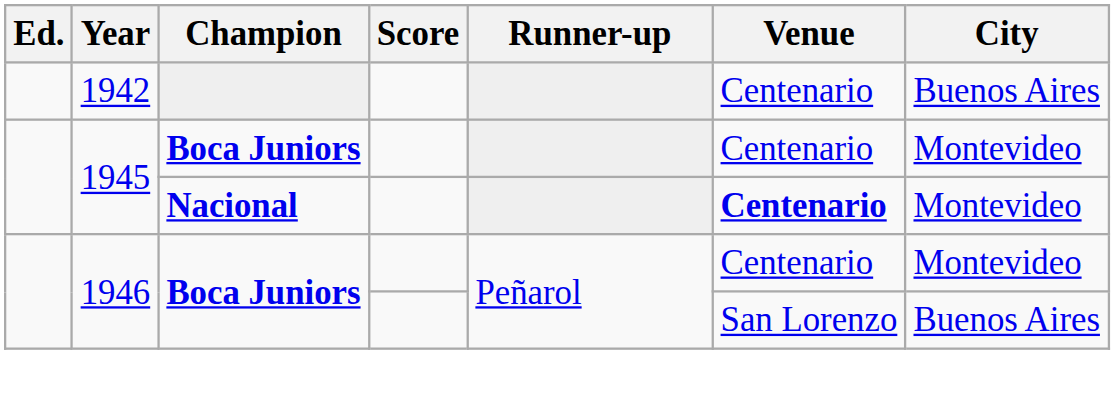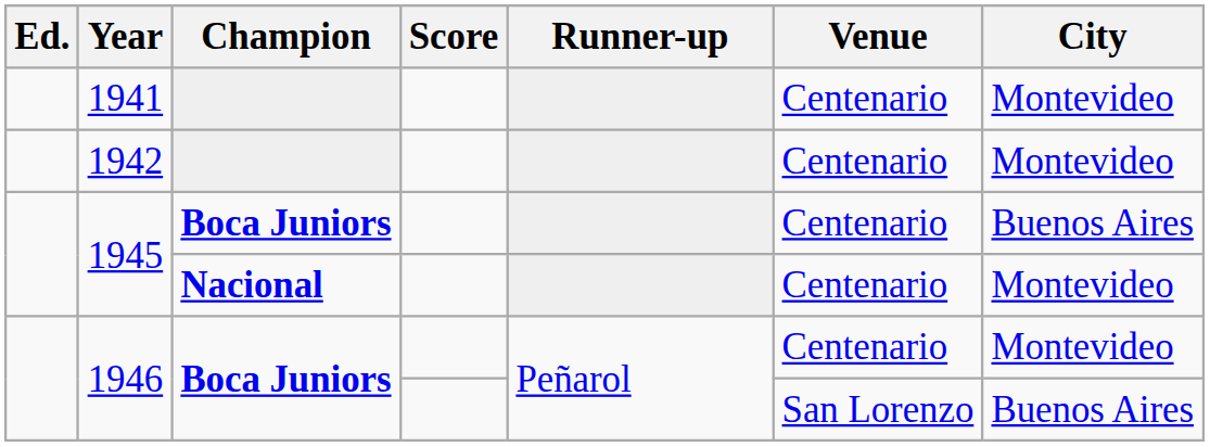 <table class="wikitable sortable" style=font-size:95%>
 <tr>
 <th>Ed.</th>
 <th>Year</th>
 <th>Champion</th>
 <th>Score</th>
 <th width=100px>Runner-up</th>
 <th>Venue</th>
 <th>City</th>
 </tr>
 <tr>
 <td></td>
+<td><a href='#'>1941</a></td>
+<td style="background:#efefef"></td>
+<td></td>
+<td style="background:#efefef"></td>
+<td><a href='#'>Centenario</a></td>
+<td><a href='#'>Montevideo</a></td>
+</tr>
+<tr>
+<td></td>
 <td><a href='#'>1942</a></td>
 <td style="background:#efefef"></td>
 <td></td>
 <td style="background:#efefef"></td>
 <td><a href='#'>Centenario</a></td>
-<td><a href='#'>Buenos Aires</a></td>
+<td><a href='#'>Montevideo</a></td>
 </tr>
 <tr>
 <td rowspan=2></td>
 <td rowspan=2><a href='#'>1945</a></td>
 <td> <strong><a href='#'>Boca Juniors</a></strong> </td>
 <td></td>
 <td style="background:#efefef"></td>
 <td><a href='#'>Centenario</a></td>
-<td><a href='#'>Montevideo</a></td>
+<td><a href='#'>Buenos Aires</a></td>
 </tr>
 <tr>
 <td> <strong><a href='#'>Nacional</a></strong> </td>
 <td></td>
 <td style="background:#efefef"></td>
-<td><strong><a href='#'>Centenario</a></strong></td>
+<td><a href='#'>Centenario</a></td>
 <td><a href='#'>Montevideo</a></td>
 </tr>
 <tr>
 <td rowspan=2></td>
 <td rowspan=2><a href='#'>1946</a></td>
 <td rowspan=2> <strong><a href='#'>Boca Juniors</a></strong> </td>
 <td></td>
 <td rowspan=2> <a href='#'>Peñarol</a></td>
 <td><a href='#'>Centenario</a></td>
 <td><a href='#'>Montevideo</a></td>
 </tr>
 <tr>
 <td></td>
 <td><a href='#'>San Lorenzo</a></td>
 <td><a href='#'>Buenos Aires</a></td>
 </tr>
 </table>
